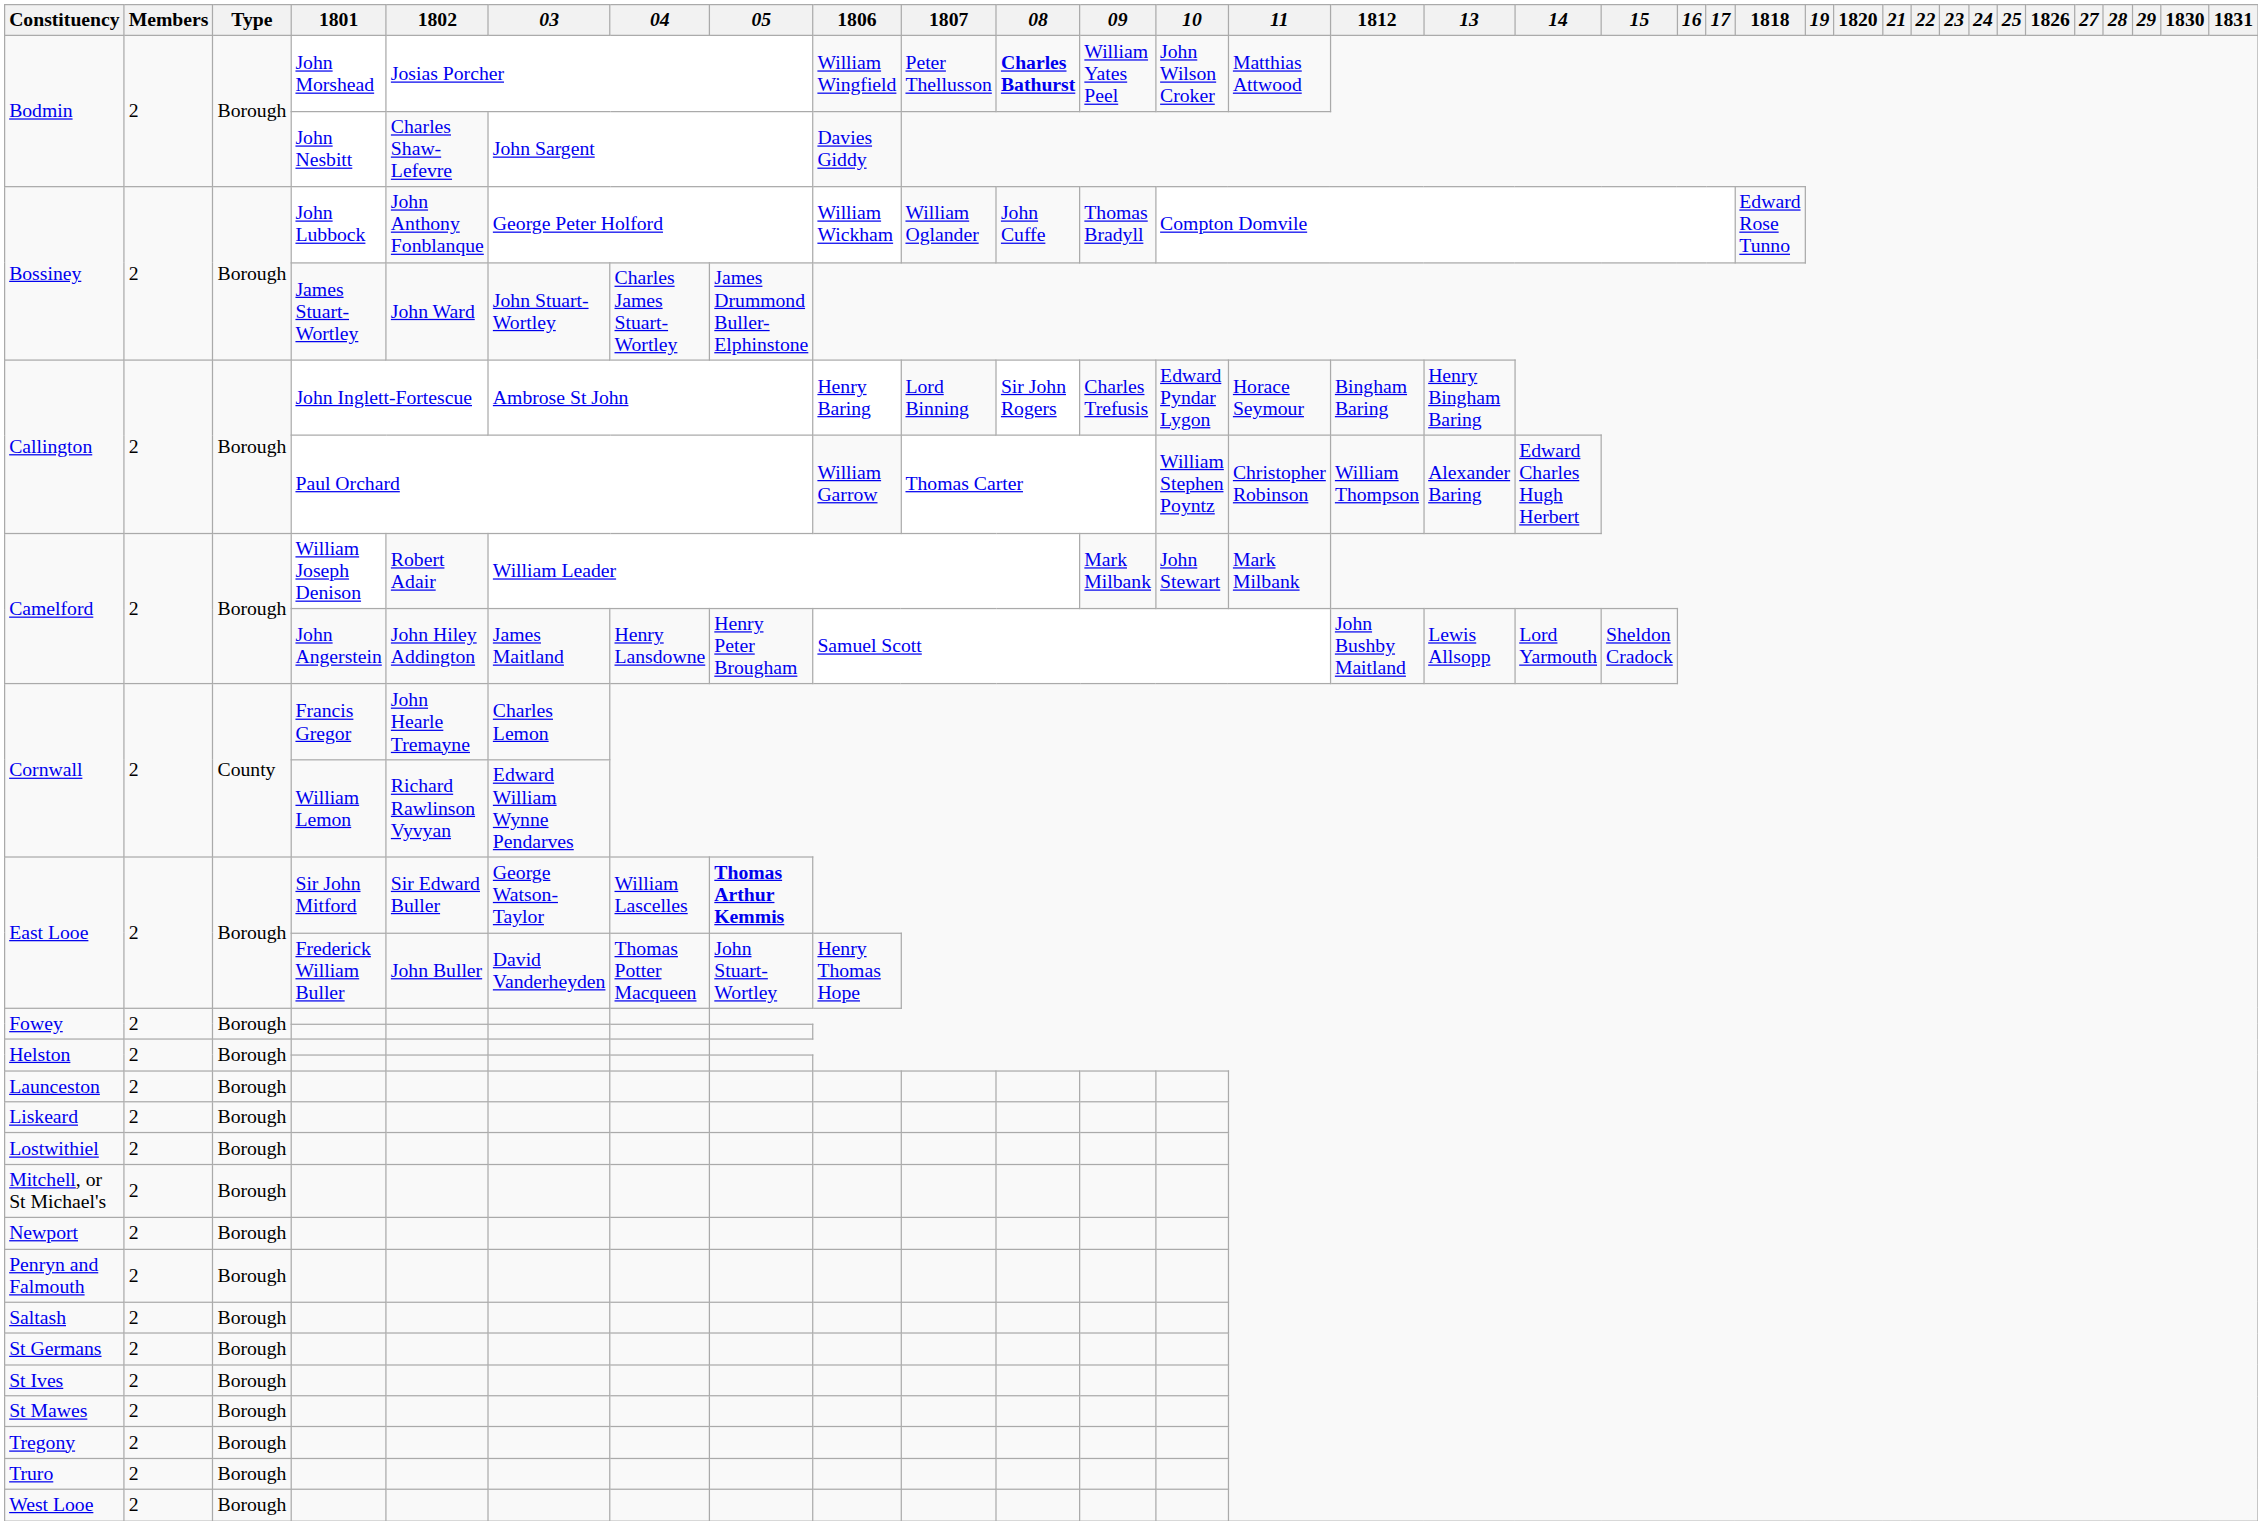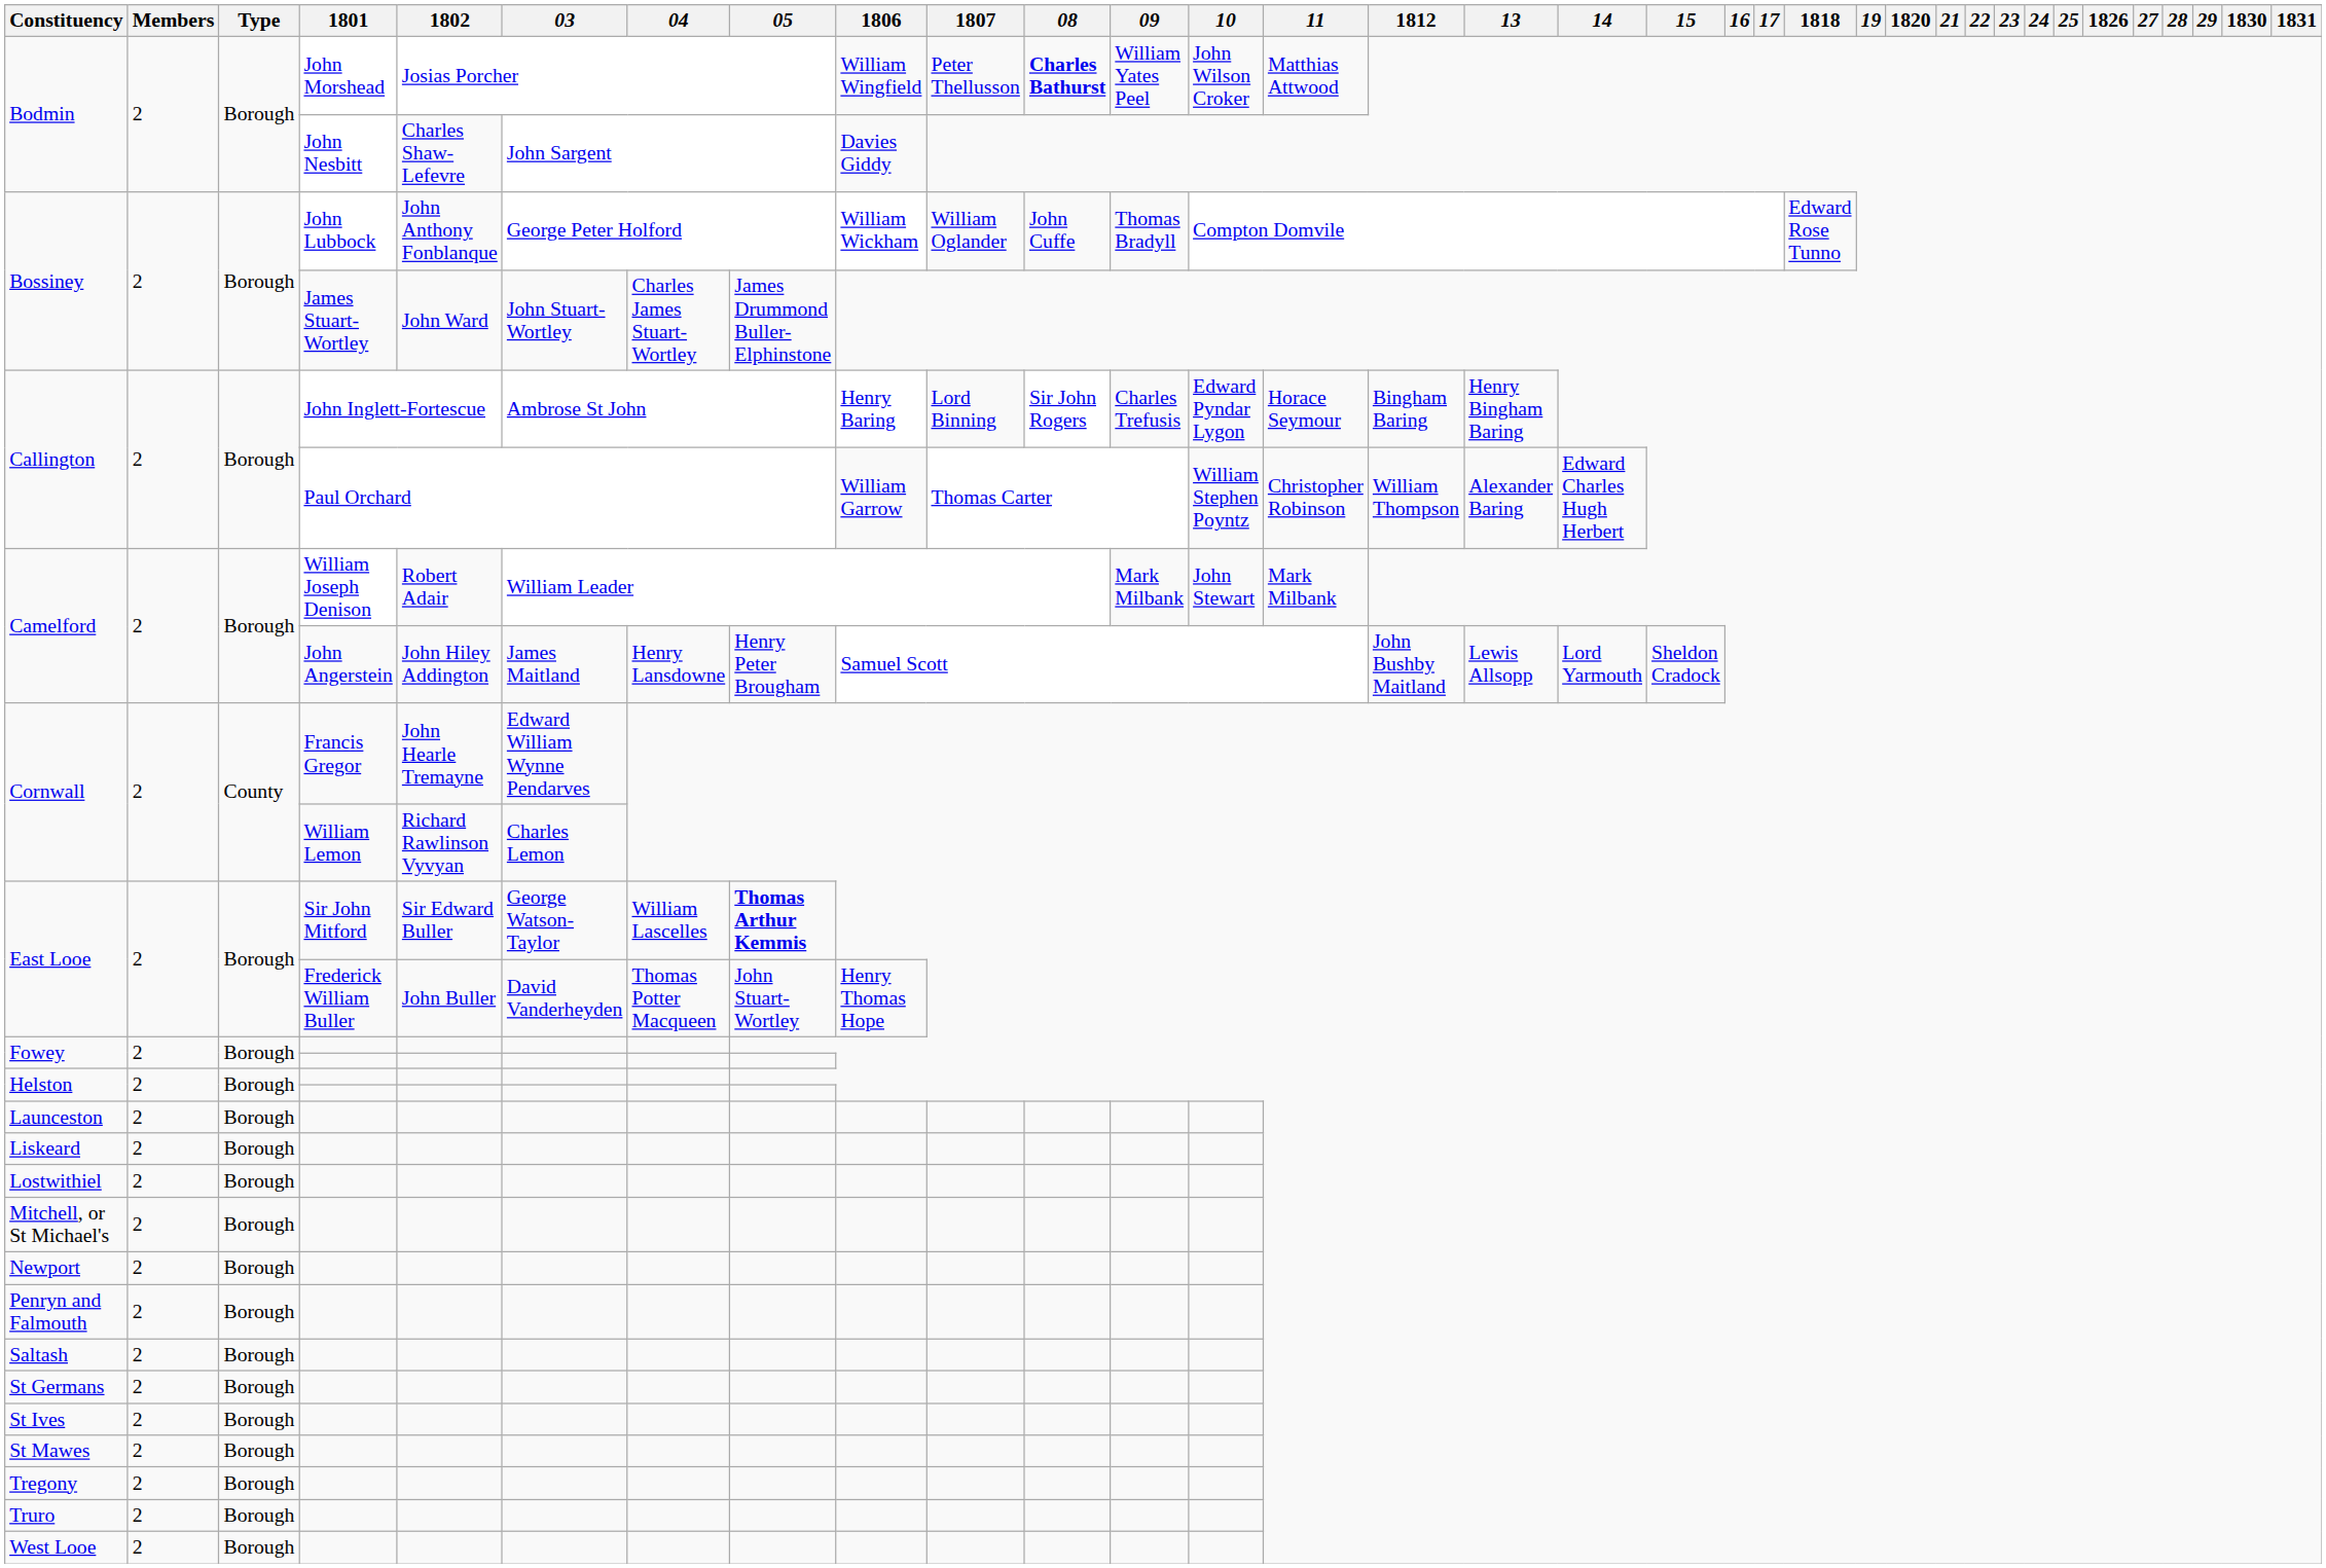 <table class="wikitable sortable">
 <tr>
 <th>Constituency</th>
 <th>Members</th>
 <th>Type</th>
 <th>1801</th>
 <th>1802</th>
 <th><em>03</em></th>
 <th><em>04</em></th>
 <th><em>05</em></th>
 <th>1806</th>
 <th>1807</th>
 <th><em>08</em></th>
 <th><em>09</em></th>
 <th><em>10</em></th>
 <th><em>11</em></th>
 <th>1812</th>
 <th><em>13</em></th>
 <th><em>14</em></th>
 <th><em>15</em></th>
 <th><em>16</em></th>
 <th><em>17</em></th>
 <th>1818</th>
 <th><em>19</em></th>
 <th>1820</th>
 <th><em>21</em></th>
 <th><em>22</em></th>
 <th><em>23</em></th>
 <th><em>24</em></th>
 <th><em>25</em></th>
 <th>1826</th>
 <th><em>27</em></th>
 <th><em>28</em></th>
 <th><em>29</em></th>
 <th>1830</th>
 <th>1831</th>
 </tr>
 <tr>
 <td rowspan=2><a href='#'>Bodmin</a></td>
 <td rowspan=2>2</td>
 <td rowspan=2>Borough</td>
 <td bgcolor="white"><a href='#'>John Morshead</a></td>
 <td bgcolor="white" colspan=4><a href='#'>Josias Porcher</a></td>
 <td><a href='#'>William Wingfield</a></td>
 <td><a href='#'>Peter Thellusson</a></td>
 <td><strong><a href='#'>Charles Bathurst</a></strong></td>
 <td><a href='#'>William Yates Peel</a></td>
 <td><a href='#'>John Wilson Croker</a></td>
 <td><a href='#'>Matthias Attwood</a></td>
 </tr>
 <tr>
 <td bgcolor="white"><a href='#'>John Nesbitt</a></td>
 <td><a href='#'>Charles Shaw-Lefevre</a></td>
 <td bgcolor="white" colspan=3><a href='#'>John Sargent</a></td>
 <td><a href='#'>Davies Giddy</a></td>
 </tr>
 <tr>
 <td rowspan=2><a href='#'>Bossiney</a></td>
 <td rowspan=2>2</td>
 <td rowspan=2>Borough</td>
 <td bgcolor="white"><a href='#'>John Lubbock</a></td>
 <td><a href='#'>John Anthony Fonblanque</a></td>
 <td bgcolor="white" colspan=3><a href='#'>George Peter Holford</a></td>
 <td bgcolor="white"><a href='#'>William Wickham</a></td>
 <td><a href='#'>William Oglander</a></td>
 <td><a href='#'>John Cuffe</a></td>
 <td><a href='#'>Thomas Bradyll</a></td>
 <td bgcolor="white" colspan=8><a href='#'>Compton Domvile</a></td>
 <td><a href='#'>Edward Rose Tunno</a></td>
 </tr>
 <tr>
 <td><a href='#'>James Stuart-Wortley</a></td>
 <td><a href='#'>John Ward</a></td>
 <td><a href='#'>John Stuart-Wortley</a></td>
 <td><a href='#'>Charles James Stuart-Wortley</a></td>
 <td><a href='#'>James Drummond Buller-Elphinstone</a></td>
 </tr>
 <tr>
 <td rowspan=2><a href='#'>Callington</a></td>
 <td rowspan=2>2</td>
 <td rowspan=2>Borough</td>
 <td bgcolor="white" colspan=2><a href='#'>John Inglett-Fortescue</a></td>
 <td bgcolor="white" colspan=3><a href='#'>Ambrose St John</a></td>
 <td bgcolor="white"><a href='#'>Henry Baring</a></td>
 <td><a href='#'>Lord Binning</a></td>
 <td bgcolor="white"><a href='#'>Sir John Rogers</a></td>
 <td><a href='#'>Charles Trefusis</a></td>
 <td><a href='#'>Edward Pyndar Lygon</a></td>
 <td><a href='#'>Horace Seymour</a></td>
 <td><a href='#'>Bingham Baring</a></td>
 <td><a href='#'>Henry Bingham Baring</a></td>
 </tr>
 <tr>
 <td bgcolor="white" colspan=5><a href='#'>Paul Orchard</a></td>
 <td><a href='#'>William Garrow</a></td>
 <td bgcolor="white" colspan=3><a href='#'>Thomas Carter</a></td>
 <td><a href='#'>William Stephen Poyntz</a></td>
 <td><a href='#'>Christopher Robinson</a></td>
 <td><a href='#'>William Thompson</a></td>
 <td><a href='#'>Alexander Baring</a></td>
 <td><a href='#'>Edward Charles Hugh Herbert</a></td>
 </tr>
 <tr>
 <td rowspan=2><a href='#'>Camelford</a></td>
 <td rowspan=2>2</td>
 <td rowspan=2>Borough</td>
 <td bgcolor="white"><a href='#'>William Joseph Denison</a></td>
 <td><a href='#'>Robert Adair</a></td>
 <td bgcolor="white" colspan=6><a href='#'>William Leader</a></td>
 <td><a href='#'>Mark Milbank</a></td>
 <td><a href='#'>John Stewart</a></td>
 <td><a href='#'>Mark Milbank</a></td>
 </tr>
 <tr>
 <td><a href='#'>John Angerstein</a></td>
 <td><a href='#'>John Hiley Addington</a></td>
 <td><a href='#'>James Maitland</a></td>
 <td><a href='#'>Henry Lansdowne</a></td>
 <td><a href='#'>Henry Peter Brougham</a></td>
 <td bgcolor="white" colspan=6><a href='#'>Samuel Scott</a></td>
 <td><a href='#'>John Bushby Maitland</a></td>
 <td><a href='#'>Lewis Allsopp</a></td>
 <td><a href='#'>Lord Yarmouth</a></td>
 <td><a href='#'>Sheldon Cradock</a></td>
 </tr>
 <tr>
 <td rowspan=2><a href='#'>Cornwall</a></td>
 <td rowspan=2>2</td>
 <td rowspan=2>County</td>
 <td><a href='#'>Francis Gregor</a></td>
 <td><a href='#'>John Hearle Tremayne</a></td>
-<td><a href='#'>Charles Lemon</a></td>
+<td><a href='#'>Edward William Wynne Pendarves</a></td>
 </tr>
 <tr>
 <td><a href='#'>William Lemon</a></td>
 <td><a href='#'>Richard Rawlinson Vyvyan</a></td>
-<td><a href='#'>Edward William Wynne Pendarves</a></td>
+<td><a href='#'>Charles Lemon</a></td>
 </tr>
 <tr>
 <td rowspan=2><a href='#'>East Looe</a></td>
 <td rowspan=2>2</td>
 <td rowspan=2>Borough</td>
 <td><a href='#'>Sir John Mitford</a></td>
 <td><a href='#'>Sir Edward Buller</a></td>
 <td><a href='#'>George Watson-Taylor</a></td>
 <td><a href='#'>William Lascelles</a></td>
 <td><strong><a href='#'>Thomas Arthur Kemmis</a></strong></td>
 </tr>
 <tr>
 <td><a href='#'>Frederick William Buller</a></td>
 <td><a href='#'>John Buller</a></td>
 <td><a href='#'>David Vanderheyden</a></td>
 <td><a href='#'>Thomas Potter Macqueen</a></td>
 <td><a href='#'>John Stuart-Wortley</a></td>
 <td><a href='#'>Henry Thomas Hope</a></td>
 </tr>
 <tr>
 <td rowspan=2><a href='#'>Fowey</a></td>
 <td rowspan=2>2</td>
 <td rowspan=2>Borough</td>
 <td></td>
 <td></td>
 <td></td>
 <td></td>
 </tr>
 <tr>
 <td></td>
 <td></td>
 <td></td>
 <td></td>
 <td></td>
 </tr>
 <tr>
 <td rowspan=2><a href='#'>Helston</a></td>
 <td rowspan=2>2</td>
 <td rowspan=2>Borough</td>
 <td></td>
 <td></td>
 <td></td>
 <td></td>
 </tr>
 <tr>
 <td></td>
 <td></td>
 <td></td>
 <td></td>
 <td></td>
 </tr>
 <tr>
 <td><a href='#'>Launceston</a></td>
 <td>2</td>
 <td>Borough</td>
 <td></td>
 <td></td>
 <td></td>
 <td></td>
 <td></td>
 <td></td>
 <td></td>
 <td></td>
 <td></td>
 <td></td>
 </tr>
 <tr>
 <td><a href='#'>Liskeard</a></td>
 <td>2</td>
 <td>Borough</td>
 <td></td>
 <td></td>
 <td></td>
 <td></td>
 <td></td>
 <td></td>
 <td></td>
 <td></td>
 <td></td>
 <td></td>
 </tr>
 <tr>
 <td><a href='#'>Lostwithiel</a></td>
 <td>2</td>
 <td>Borough</td>
 <td></td>
 <td></td>
 <td></td>
 <td></td>
 <td></td>
 <td></td>
 <td></td>
 <td></td>
 <td></td>
 <td></td>
 </tr>
 <tr>
 <td><a href='#'>Mitchell</a>, or St Michael's</td>
 <td>2</td>
 <td>Borough</td>
 <td></td>
 <td></td>
 <td></td>
 <td></td>
 <td></td>
 <td></td>
 <td></td>
 <td></td>
 <td></td>
 <td></td>
 </tr>
 <tr>
 <td><a href='#'>Newport</a></td>
 <td>2</td>
 <td>Borough</td>
 <td></td>
 <td></td>
 <td></td>
 <td></td>
 <td></td>
 <td></td>
 <td></td>
 <td></td>
 <td></td>
 <td></td>
 </tr>
 <tr>
 <td><a href='#'>Penryn and Falmouth</a></td>
 <td>2</td>
 <td>Borough</td>
 <td></td>
 <td></td>
 <td></td>
 <td></td>
 <td></td>
 <td></td>
 <td></td>
 <td></td>
 <td></td>
 <td></td>
 </tr>
 <tr>
 <td><a href='#'>Saltash</a></td>
 <td>2</td>
 <td>Borough</td>
 <td></td>
 <td></td>
 <td></td>
 <td></td>
 <td></td>
 <td></td>
 <td></td>
 <td></td>
 <td></td>
 <td></td>
 </tr>
 <tr>
 <td><a href='#'>St Germans</a></td>
 <td>2</td>
 <td>Borough</td>
 <td></td>
 <td></td>
 <td></td>
 <td></td>
 <td></td>
 <td></td>
 <td></td>
 <td></td>
 <td></td>
 <td></td>
 </tr>
 <tr>
 <td><a href='#'>St Ives</a></td>
 <td>2</td>
 <td>Borough</td>
 <td></td>
 <td></td>
 <td></td>
 <td></td>
 <td></td>
 <td></td>
 <td></td>
 <td></td>
 <td></td>
 <td></td>
 </tr>
 <tr>
 <td><a href='#'>St Mawes</a></td>
 <td>2</td>
 <td>Borough</td>
 <td></td>
 <td></td>
 <td></td>
 <td></td>
 <td></td>
 <td></td>
 <td></td>
 <td></td>
 <td></td>
 <td></td>
 </tr>
 <tr>
 <td><a href='#'>Tregony</a></td>
 <td>2</td>
 <td>Borough</td>
 <td></td>
 <td></td>
 <td></td>
 <td></td>
 <td></td>
 <td></td>
 <td></td>
 <td></td>
 <td></td>
 <td></td>
 </tr>
 <tr>
 <td><a href='#'>Truro</a></td>
 <td>2</td>
 <td>Borough</td>
 <td></td>
 <td></td>
 <td></td>
 <td></td>
 <td></td>
 <td></td>
 <td></td>
 <td></td>
 <td></td>
 <td></td>
 </tr>
 <tr>
 <td><a href='#'>West Looe</a></td>
 <td>2</td>
 <td>Borough</td>
 <td></td>
 <td></td>
 <td></td>
 <td></td>
 <td></td>
 <td></td>
 <td></td>
 <td></td>
 <td></td>
 <td></td>
 </tr>
 </table>
